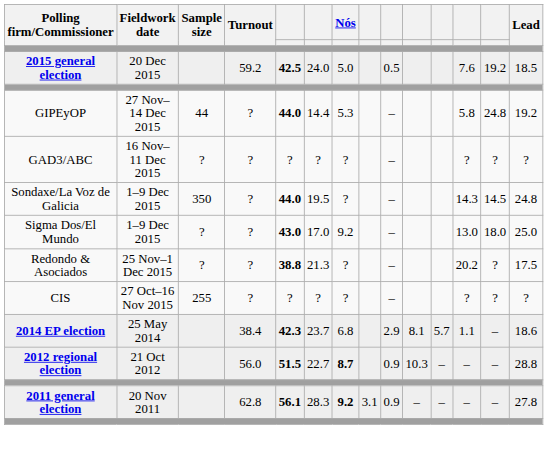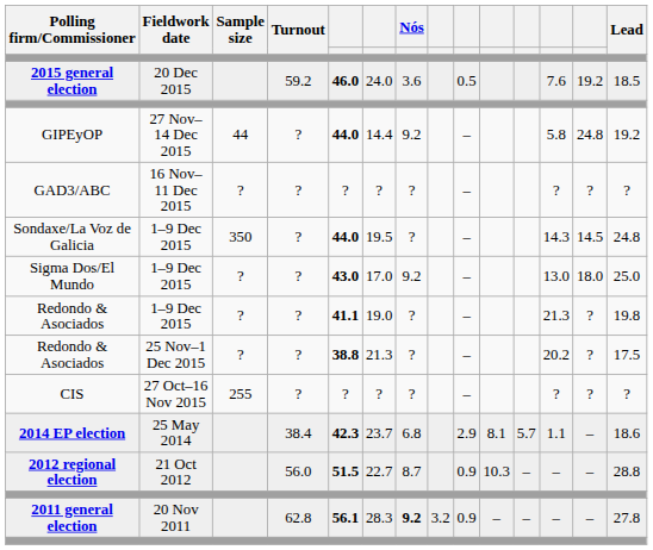 <table class="wikitable collapsible collapsed" style="text-align:center; font-size:95%; line-height:16px;">
 <tr style="height:42px; background-color:#E9E9E9">
 <th style="width:250px;" rowspan="2">Polling firm/Commissioner</th>
 <th style="width:125px;" rowspan="2">Fieldwork date</th>
 <th style="width:50px;" rowspan="2">Sample size</th>
 <th style="width:45px;" rowspan="2">Turnout</th>
 <th style="width:35px;"></th>
 <th style="width:35px;"></th>
 <th style="width:35px;"><a href='#'>Nós</a></th>
 <th style="width:35px;"></th>
 <th style="width:35px;"></th>
 <th style="width:35px;"></th>
 <th style="width:35px;"></th>
 <th style="width:35px;"></th>
 <th style="width:35px;"></th>
 <th style="width:30px;" rowspan="2">Lead</th>
 </tr>
 <tr>
 <th style="color:inherit;background:"></th>
 <th style="color:inherit;background:"></th>
 <th style="color:inherit;background:"></th>
 <th style="color:inherit;background:"></th>
 <th style="color:inherit;background:"></th>
 <th style="color:inherit;background:"></th>
 <th style="color:inherit;background:"></th>
 <th style="color:inherit;background:"></th>
 <th style="color:inherit;background:"></th>
 </tr>
 <tr>
 <td colspan="14" style="background:#A0A0A0"></td>
 </tr>
 <tr style="background:#EFEFEF;">
 <td><strong><a href='#'>2015 general election</a></strong></td>
 <td>20 Dec 2015</td>
 <td></td>
 <td>59.2</td>
-<td><strong>42.5</strong><br></td>
+<td><strong>46.0</strong><br></td>
 <td>24.0<br></td>
-<td>5.0<br></td>
+<td>3.6<br></td>
 <td></td>
 <td>0.5<br></td>
 <td></td>
 <td></td>
 <td>7.6<br></td>
 <td>19.2<br></td>
 <td style="background:">18.5</td>
 </tr>
 <tr>
 <td colspan="14" style="background:#A0A0A0"></td>
 </tr>
 <tr>
 <td>GIPEyOP</td>
 <td>27 Nov–14 Dec 2015</td>
 <td>44</td>
 <td>?</td>
 <td><strong>44.0</strong><br></td>
 <td>14.4<br></td>
-<td>5.3<br></td>
+<td>9.2<br></td>
 <td></td>
 <td>–</td>
 <td></td>
 <td></td>
 <td>5.8<br></td>
 <td>24.8<br></td>
 <td style="background:">19.2</td>
 </tr>
 <tr>
 <td>GAD3/ABC</td>
 <td>16 Nov–11 Dec 2015</td>
 <td>?</td>
 <td>?</td>
 <td>?<br></td>
 <td>?<br></td>
 <td>?<br></td>
 <td></td>
 <td>–</td>
 <td></td>
 <td></td>
 <td>?<br></td>
 <td>?<br></td>
 <td style="background:">?</td>
 </tr>
 <tr>
 <td>Sondaxe/La Voz de Galicia</td>
 <td>1–9 Dec 2015</td>
 <td>350</td>
 <td>?</td>
 <td><strong>44.0</strong><br></td>
 <td>19.5<br></td>
 <td>?<br></td>
 <td></td>
 <td>–</td>
 <td></td>
 <td></td>
 <td>14.3<br></td>
 <td>14.5<br></td>
 <td style="background:">24.8</td>
 </tr>
 <tr>
 <td>Sigma Dos/El Mundo</td>
 <td>1–9 Dec 2015</td>
 <td>?</td>
 <td>?</td>
 <td><strong>43.0</strong><br></td>
 <td>17.0<br></td>
 <td>9.2<br></td>
 <td></td>
 <td>–</td>
 <td></td>
 <td></td>
 <td>13.0<br></td>
 <td>18.0<br></td>
 <td style="background:">25.0</td>
 </tr>
 <tr>
 <td>Redondo & Asociados</td>
+<td>1–9 Dec 2015</td>
+<td>?</td>
+<td>?</td>
+<td><strong>41.1</strong><br></td>
+<td>19.0<br></td>
+<td>?<br></td>
+<td></td>
+<td>–</td>
+<td></td>
+<td></td>
+<td>21.3<br></td>
+<td>?<br></td>
+<td style="background:">19.8</td>
+</tr>
+<tr>
+<td>Redondo & Asociados</td>
 <td>25 Nov–1 Dec 2015</td>
 <td>?</td>
 <td>?</td>
 <td><strong>38.8</strong><br></td>
 <td>21.3<br></td>
 <td>?<br></td>
 <td></td>
 <td>–</td>
 <td></td>
 <td></td>
 <td>20.2<br></td>
 <td>?<br></td>
 <td style="background:">17.5</td>
 </tr>
 <tr>
 <td>CIS</td>
 <td>27 Oct–16 Nov 2015</td>
 <td>255</td>
 <td>?</td>
 <td>?<br></td>
 <td>?<br></td>
 <td>?<br></td>
 <td></td>
 <td>–</td>
 <td></td>
 <td></td>
 <td>?<br></td>
 <td>?<br></td>
 <td style="background:">?</td>
 </tr>
 <tr style="background:#EFEFEF;">
 <td><strong><a href='#'>2014 EP election</a></strong></td>
 <td>25 May 2014</td>
 <td></td>
 <td>38.4</td>
 <td><strong>42.3</strong><br></td>
 <td>23.7<br></td>
 <td>6.8<br></td>
 <td></td>
 <td>2.9<br></td>
 <td>8.1<br></td>
 <td>5.7<br></td>
 <td>1.1<br></td>
 <td>–</td>
 <td style="background:">18.6</td>
 </tr>
 <tr style="background:#EFEFEF;">
 <td><strong><a href='#'>2012 regional election</a></strong></td>
 <td>21 Oct 2012</td>
 <td></td>
 <td>56.0</td>
 <td><strong>51.5</strong><br></td>
 <td>22.7<br></td>
-<td><strong>8.7<br></strong></td>
+<td>8.7<br></td>
 <td></td>
 <td>0.9<br></td>
 <td>10.3<br></td>
 <td>–</td>
 <td>–</td>
 <td>–</td>
 <td style="background:">28.8</td>
 </tr>
 <tr>
 <td colspan="14" style="background:#A0A0A0"></td>
 </tr>
 <tr style="background:#EFEFEF;">
 <td><strong><a href='#'>2011 general election</a></strong></td>
 <td>20 Nov 2011</td>
 <td></td>
 <td>62.8</td>
 <td><strong>56.1</strong><br></td>
 <td>28.3<br></td>
 <td><strong>9.2<br></strong></td>
-<td>3.1<br></td>
+<td>3.2<br></td>
 <td>0.9<br></td>
 <td>–</td>
 <td>–</td>
 <td>–</td>
 <td>–</td>
 <td style="background:">27.8</td>
 </tr>
 <tr>
 <td colspan="14" style="background:#A0A0A0"></td>
 </tr>
 </table>
